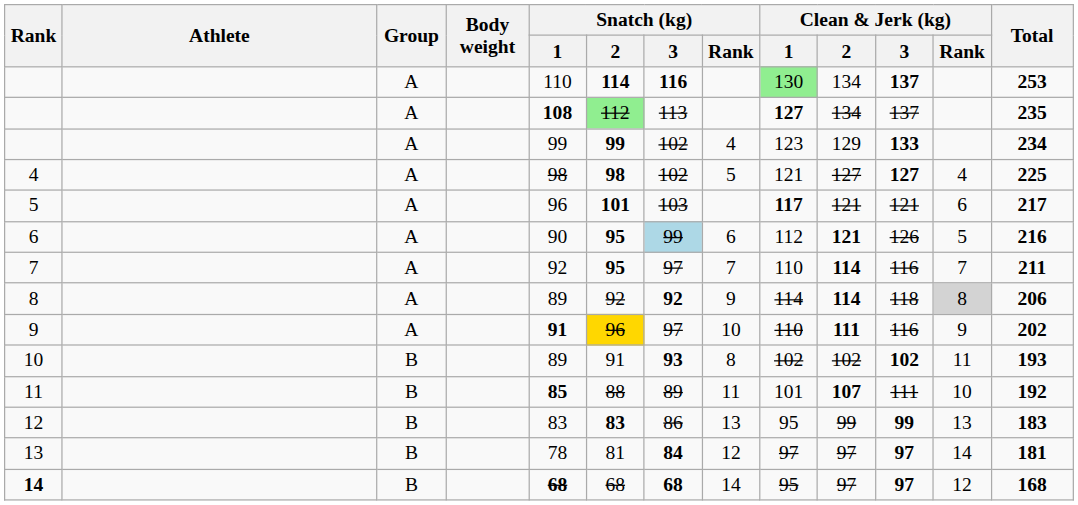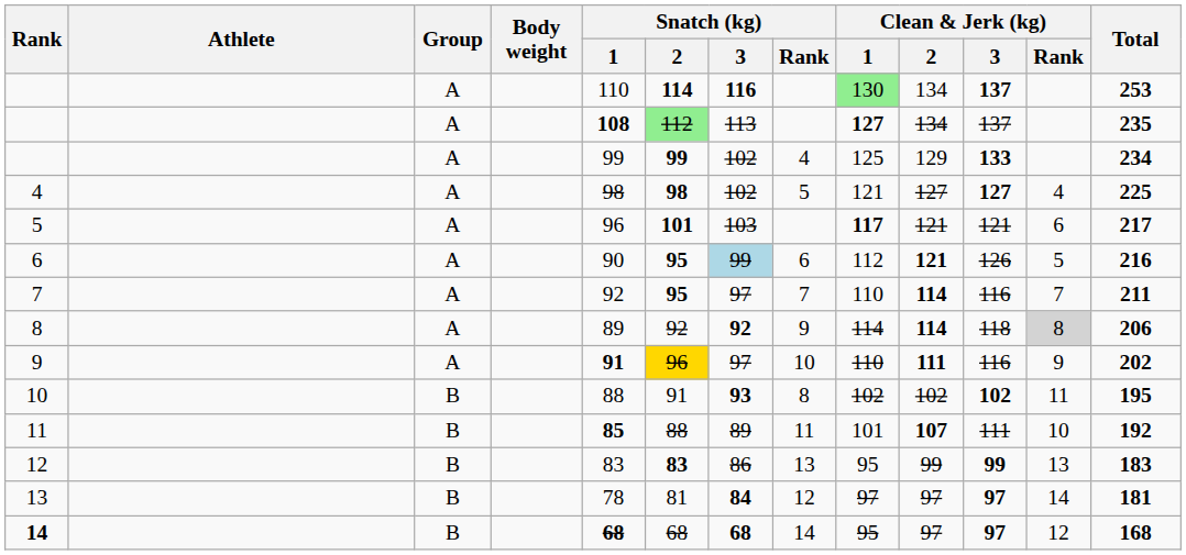 <table class = "wikitable" style="text-align:center;">
 <tr>
 <th rowspan=2 width=40>Rank</th>
 <th rowspan=2 width=250>Athlete</th>
 <th rowspan=2 width=50>Group</th>
 <th rowspan=2 width=60>Body weight</th>
 <th colspan=4>Snatch (kg)</th>
 <th colspan=4>Clean & Jerk (kg)</th>
 <th rowspan=2 width=60>Total</th>
 </tr>
 <tr>
 <th width=40>1</th>
 <th width=40>2</th>
 <th width=40>3</th>
 <th width=40>Rank</th>
 <th width=40>1</th>
 <th width=40>2</th>
 <th width=40>3</th>
 <th width=40>Rank</th>
 </tr>
 <tr>
 <td></td>
 <td align=left></td>
 <td>A</td>
 <td></td>
 <td>110</td>
 <td><strong>114</strong></td>
 <td><strong>116</strong></td>
 <td></td>
 <td style="background: lightgreen;">130</td>
 <td>134</td>
 <td><strong>137</strong></td>
 <td></td>
 <td><strong>253</strong></td>
 </tr>
 <tr>
 <td></td>
 <td align=left></td>
 <td>A</td>
 <td></td>
 <td><strong>108</strong></td>
 <td style="background: lightgreen;"><s>112</s></td>
 <td><s>113</s></td>
 <td></td>
 <td><strong>127</strong></td>
 <td><s>134</s></td>
 <td><s>137</s></td>
 <td></td>
 <td><strong>235</strong></td>
 </tr>
 <tr>
 <td></td>
 <td align=left></td>
 <td>A</td>
 <td></td>
 <td>99</td>
 <td><strong>99</strong></td>
 <td><s>102</s></td>
 <td>4</td>
-<td>123</td>
+<td>125</td>
 <td>129</td>
 <td><strong>133</strong></td>
 <td></td>
 <td><strong>234</strong></td>
 </tr>
 <tr>
 <td>4</td>
 <td align=left></td>
 <td>A</td>
 <td></td>
 <td><s>98</s></td>
 <td><strong>98</strong></td>
 <td><s>102</s></td>
 <td>5</td>
 <td>121</td>
 <td><s>127</s></td>
 <td><strong>127</strong></td>
 <td>4</td>
 <td><strong>225</strong></td>
 </tr>
 <tr>
 <td>5</td>
 <td align=left></td>
 <td>A</td>
 <td></td>
 <td>96</td>
 <td><strong>101</strong></td>
 <td><s>103</s></td>
 <td></td>
 <td><strong>117</strong></td>
 <td><s>121</s></td>
 <td><s>121</s></td>
 <td>6</td>
 <td><strong>217</strong></td>
 </tr>
 <tr>
 <td>6</td>
 <td align=left></td>
 <td>A</td>
 <td></td>
 <td>90</td>
 <td><strong>95</strong></td>
 <td style="background: lightblue;"><s>99</s></td>
 <td>6</td>
 <td>112</td>
 <td><strong>121</strong></td>
 <td><s>126</s></td>
 <td>5</td>
 <td><strong>216</strong></td>
 </tr>
 <tr>
 <td>7</td>
 <td align=left></td>
 <td>A</td>
 <td></td>
 <td>92</td>
 <td><strong>95</strong></td>
 <td><s>97</s></td>
 <td>7</td>
 <td>110</td>
 <td><strong>114</strong></td>
 <td><s>116</s></td>
 <td>7</td>
 <td><strong>211</strong></td>
 </tr>
 <tr>
 <td>8</td>
 <td align=left></td>
 <td>A</td>
 <td></td>
 <td>89</td>
 <td><s>92</s></td>
 <td><strong>92</strong></td>
 <td>9</td>
 <td><s>114</s></td>
 <td><strong>114</strong></td>
 <td><s>118</s></td>
 <td style="background: lightgrey;">8</td>
 <td><strong>206</strong></td>
 </tr>
 <tr>
 <td>9</td>
 <td align=left></td>
 <td>A</td>
 <td></td>
 <td><strong>91</strong></td>
 <td style="background: gold;"><s>96</s></td>
 <td><s>97</s></td>
 <td>10</td>
 <td><s>110</s></td>
 <td><strong>111</strong></td>
 <td><s>116</s></td>
 <td>9</td>
 <td><strong>202</strong></td>
 </tr>
 <tr>
 <td>10</td>
 <td align=left></td>
 <td>B</td>
 <td></td>
-<td>89</td>
+<td>88</td>
 <td>91</td>
 <td><strong>93</strong></td>
 <td>8</td>
 <td><s>102</s></td>
 <td><s>102</s></td>
 <td><strong>102</strong></td>
 <td>11</td>
-<td><strong>193</strong></td>
+<td><strong>195</strong></td>
 </tr>
 <tr>
 <td>11</td>
 <td align=left></td>
 <td>B</td>
 <td></td>
 <td><strong>85</strong></td>
 <td><s>88</s></td>
 <td><s>89</s></td>
 <td>11</td>
 <td>101</td>
 <td><strong>107</strong></td>
 <td><s>111</s></td>
 <td>10</td>
 <td><strong>192</strong></td>
 </tr>
 <tr>
 <td>12</td>
 <td align=left></td>
 <td>B</td>
 <td></td>
 <td>83</td>
 <td><strong>83</strong></td>
 <td><s>86</s></td>
 <td>13</td>
 <td>95</td>
 <td><s>99</s></td>
 <td><strong>99</strong></td>
 <td>13</td>
 <td><strong>183</strong></td>
 </tr>
 <tr>
 <td>13</td>
 <td align=left></td>
 <td>B</td>
 <td></td>
 <td>78</td>
 <td>81</td>
 <td><strong>84</strong></td>
 <td>12</td>
 <td><s>97</s></td>
 <td><s>97</s></td>
 <td><strong>97</strong></td>
 <td>14</td>
 <td><strong>181</strong></td>
 </tr>
 <tr>
 <td><strong>14</strong></td>
 <td align=left></td>
 <td>B</td>
 <td></td>
 <td><strong><s>68</s></strong></td>
 <td><s>68</s></td>
 <td><strong>68</strong></td>
 <td>14</td>
 <td><s>95</s></td>
 <td><s>97</s></td>
 <td><strong>97</strong></td>
 <td>12</td>
 <td><strong>168</strong></td>
 </tr>
 </table>
